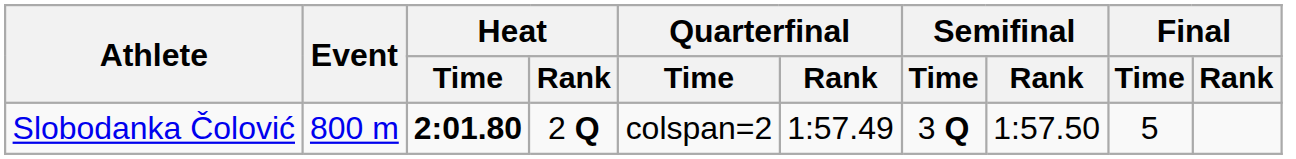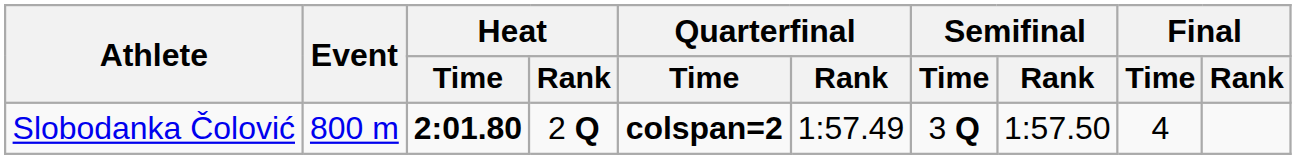 <table class=wikitable style=font-size:90%;text-align:center>
 <tr>
 <th rowspan=2>Athlete</th>
 <th rowspan=2>Event</th>
 <th colspan=2>Heat</th>
 <th colspan=2>Quarterfinal</th>
 <th colspan=2>Semifinal</th>
 <th colspan=2>Final</th>
 </tr>
 <tr style=font-size:95%>
 <th>Time</th>
 <th>Rank</th>
 <th>Time</th>
 <th>Rank</th>
 <th>Time</th>
 <th>Rank</th>
 <th>Time</th>
 <th>Rank</th>
 </tr>
 <tr>
 <td align=left><a href='#'>Slobodanka Čolović</a></td>
 <td align=left><a href='#'>800 m</a></td>
 <td><strong>2:01.80</strong></td>
 <td>2 <strong>Q</strong></td>
-<td>colspan=2 </td>
+<td><strong>colspan=2 </strong></td>
 <td>1:57.49</td>
 <td>3 <strong>Q</strong></td>
 <td>1:57.50</td>
-<td>5</td>
+<td>4</td>
 </tr>
 </table>
